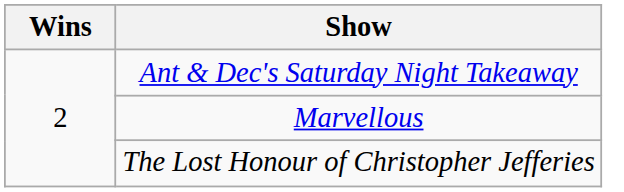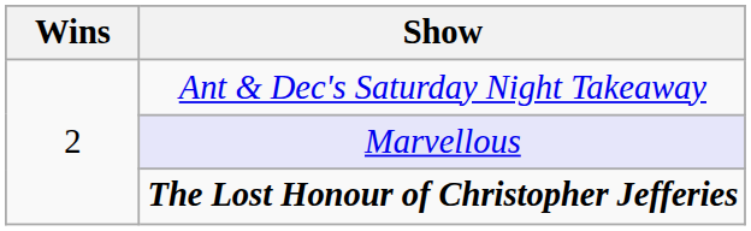 <table class="wikitable floatleft" style="text-align:center;">
 <tr>
 <th scope="col" style="width:55px;">Wins</th>
 <th scope="col" style="text-align:center;">Show</th>
 </tr>
 <tr>
 <td scope=row rowspan=5 style="text-align:center">2</td>
 <td><em><a href='#'>Ant & Dec's Saturday Night Takeaway</a></em></td>
 </tr>
 <tr>
-<td><em><a href='#'>Marvellous</a></em></td>
+<td style="background: lavender;"><em><a href='#'>Marvellous</a></em></td>
 </tr>
 <tr>
-<td><em>The Lost Honour of Christopher Jefferies</em></td>
+<td><strong><em>The Lost Honour of Christopher Jefferies</em></strong></td>
 </tr>
 </table>
